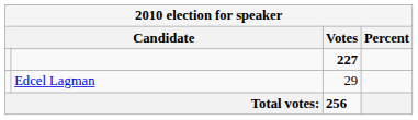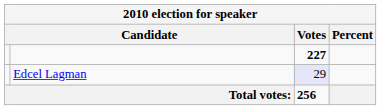 <table class="wikitable">
 <tr>
 <th colspan=4 style="background:#f5f5f5">2010 election for speaker</th>
 </tr>
 <tr>
 <th colspan=2>Candidate</th>
 <th>Votes</th>
 <th>Percent</th>
 </tr>
 <tr>
 <td style="background-color: "></td>
 <td style="width: 22em;"></td>
 <td style="text-align:right"><strong>227</strong></td>
 <td style="text-align:right"><strong></strong></td>
 </tr>
 <tr>
 <td style="background-color: "></td>
 <td {{nowrap><a href='#'>Edcel Lagman</a> </td>
-<td style="text-align:right">29</td>
+<td style="background: lavender; text-align:right">29</td>
 <td style="text-align:right"></td>
 </tr>
 <tr>
 <th colspan=2 style="text-align:right">Total votes:</th>
 <td><strong>256</strong></td>
 <th></th>
 </tr>
 </table>
